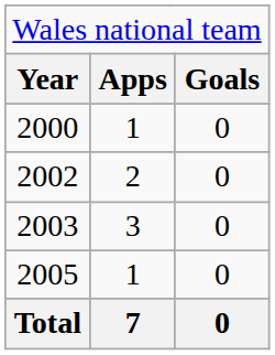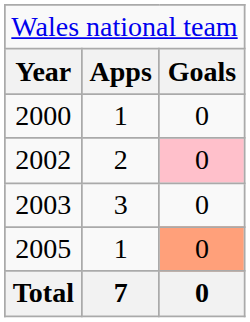 <table class="wikitable" style="text-align:center">
 <tr>
 <td colspan="3"><a href='#'>Wales national team</a></td>
 </tr>
 <tr>
 <th>Year</th>
 <th>Apps</th>
 <th>Goals</th>
 </tr>
 <tr>
 <td>2000</td>
 <td>1</td>
 <td>0</td>
 </tr>
 <tr>
 <td>2002</td>
 <td>2</td>
-<td>0</td>
+<td style="background: pink;">0</td>
 </tr>
 <tr>
 <td>2003</td>
 <td>3</td>
 <td>0</td>
 </tr>
 <tr>
 <td>2005</td>
 <td>1</td>
-<td>0</td>
+<td style="background: lightsalmon;">0</td>
 </tr>
 <tr>
 <th>Total</th>
 <th>7</th>
 <th>0</th>
 </tr>
 </table>
